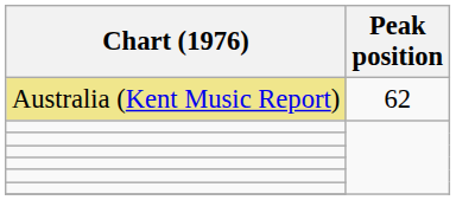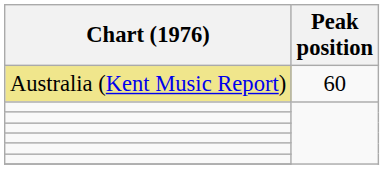 <table class="wikitable sortable">
 <tr>
 <th align="left">Chart (1976)</th>
 <th align="center">Peak<br>position</th>
 </tr>
 <tr>
 <td align="left" style="background: khaki;">Australia (<a href='#'>Kent Music Report</a>)</td>
-<td style="text-align:center;">62</td>
+<td style="text-align:center;">60</td>
 </tr>
 <tr>
 <td></td>
 </tr>
 <tr>
 <td></td>
 </tr>
 <tr>
 <td></td>
 </tr>
 <tr>
 <td></td>
 </tr>
 <tr>
 <td></td>
 </tr>
 <tr>
 <td></td>
 </tr>
 <tr>
 </tr>
 </table>
